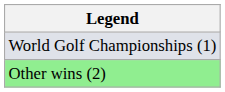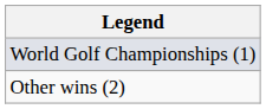 <table class="wikitable" style="font-size:95%;">
 <tr>
 <th>Legend</th>
 </tr>
 <tr style="background:#dfe2e9;">
 <td>World Golf Championships (1)</td>
 </tr>
 <tr>
-<td style="background: lightgreen;">Other wins (2)</td>
+<td>Other wins (2)</td>
 </tr>
 </table>
